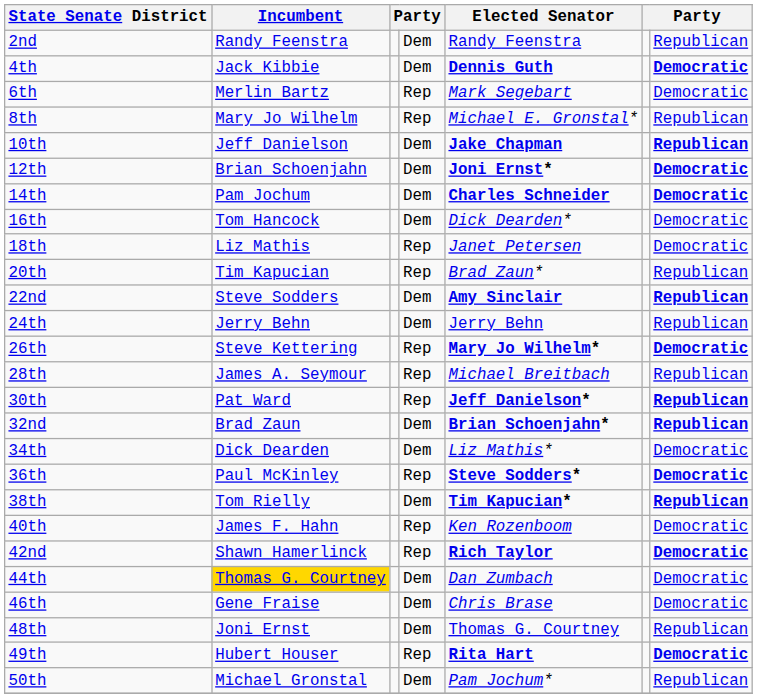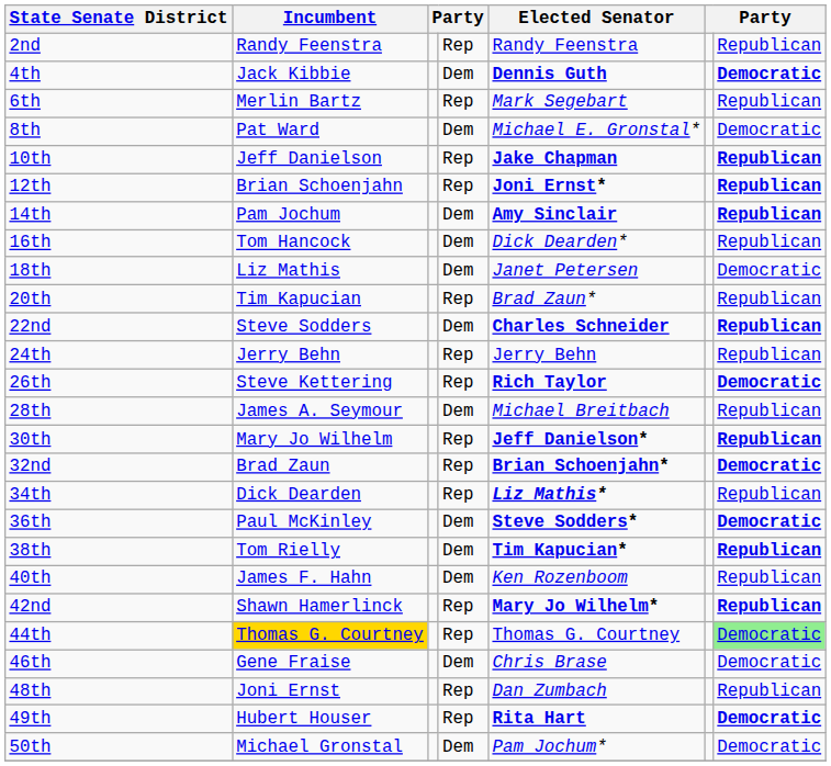 <table class="sortable wikitable" style="font-size:95%;line-height:14px;">
 <tr>
 <th class="unsortable"><a href='#'>State Senate</a> District</th>
 <th class="unsortable"><a href='#'>Incumbent</a></th>
 <th colspan="2">Party</th>
 <th class="unsortable">Elected Senator</th>
 <th colspan="2">Party</th>
 </tr>
 <tr>
 <td><a href='#'>2nd</a></td>
 <td><a href='#'>Randy Feenstra</a></td>
 <td style="background:"></td>
-<td>Dem</td>
+<td>Rep</td>
 <td><a href='#'>Randy Feenstra</a></td>
 <td style="background:"></td>
 <td><a href='#'>Republican</a></td>
 </tr>
 <tr>
 <td><a href='#'>4th</a></td>
 <td><a href='#'>Jack Kibbie</a></td>
 <td style="background:"></td>
 <td>Dem</td>
 <td><strong><a href='#'>Dennis Guth</a></strong></td>
 <td style="background:"></td>
 <td><strong><a href='#'>Democratic</a></strong></td>
 </tr>
 <tr>
 <td><a href='#'>6th</a></td>
 <td><a href='#'>Merlin Bartz</a></td>
 <td style="background:"></td>
 <td>Rep</td>
 <td><em><a href='#'>Mark Segebart</a></em></td>
 <td style="background:"></td>
-<td><a href='#'>Democratic</a></td>
+<td><a href='#'>Republican</a></td>
 </tr>
 <tr>
 <td><a href='#'>8th</a></td>
-<td><a href='#'>Mary Jo Wilhelm</a></td>
+<td><a href='#'>Pat Ward</a></td>
 <td style="background:"></td>
-<td>Rep</td>
+<td>Dem</td>
 <td><em><a href='#'>Michael E. Gronstal</a>*</em></td>
 <td style="background:"></td>
-<td><a href='#'>Republican</a></td>
+<td><a href='#'>Democratic</a></td>
 </tr>
 <tr>
 <td><a href='#'>10th</a></td>
 <td><a href='#'>Jeff Danielson</a></td>
 <td style="background:"></td>
-<td>Dem</td>
+<td>Rep</td>
 <td><strong><a href='#'>Jake Chapman</a></strong></td>
 <td style="background:"></td>
 <td><strong><a href='#'>Republican</a></strong></td>
 </tr>
 <tr>
 <td><a href='#'>12th</a></td>
 <td><a href='#'>Brian Schoenjahn</a></td>
 <td style="background:"></td>
-<td>Dem</td>
+<td>Rep</td>
 <td><strong><a href='#'>Joni Ernst</a>*</strong></td>
 <td style="background:"></td>
-<td><strong><a href='#'>Democratic</a></strong></td>
+<td><strong><a href='#'>Republican</a></strong></td>
 </tr>
 <tr>
 <td><a href='#'>14th</a></td>
 <td><a href='#'>Pam Jochum</a></td>
 <td style="background:"></td>
 <td>Dem</td>
-<td><strong><a href='#'>Charles Schneider</a></strong></td>
+<td><strong><a href='#'>Amy Sinclair</a></strong></td>
 <td style="background:"></td>
-<td><strong><a href='#'>Democratic</a></strong></td>
+<td><strong><a href='#'>Republican</a></strong></td>
 </tr>
 <tr>
 <td><a href='#'>16th</a></td>
 <td><a href='#'>Tom Hancock</a></td>
 <td style="background:"></td>
 <td>Dem</td>
 <td><em><a href='#'>Dick Dearden</a>*</em></td>
 <td style="background:"></td>
-<td><a href='#'>Democratic</a></td>
+<td><a href='#'>Republican</a></td>
 </tr>
 <tr>
 <td><a href='#'>18th</a></td>
 <td><a href='#'>Liz Mathis</a></td>
 <td style="background:"></td>
-<td>Rep</td>
+<td>Dem</td>
 <td><em><a href='#'>Janet Petersen</a></em></td>
 <td style="background:"></td>
 <td><a href='#'>Democratic</a></td>
 </tr>
 <tr>
 <td><a href='#'>20th</a></td>
 <td><a href='#'>Tim Kapucian</a></td>
 <td style="background:"></td>
 <td>Rep</td>
 <td><em><a href='#'>Brad Zaun</a>*</em></td>
 <td style="background:"></td>
 <td><a href='#'>Republican</a></td>
 </tr>
 <tr>
 <td><a href='#'>22nd</a></td>
 <td><a href='#'>Steve Sodders</a></td>
 <td style="background:"></td>
 <td>Dem</td>
-<td><strong><a href='#'>Amy Sinclair</a></strong></td>
+<td><strong><a href='#'>Charles Schneider</a></strong></td>
 <td style="background:"></td>
 <td><strong><a href='#'>Republican</a></strong></td>
 </tr>
 <tr>
 <td><a href='#'>24th</a></td>
 <td><a href='#'>Jerry Behn</a></td>
 <td style="background:"></td>
-<td>Dem</td>
+<td>Rep</td>
 <td><a href='#'>Jerry Behn</a></td>
 <td style="background:"></td>
 <td><a href='#'>Republican</a></td>
 </tr>
 <tr>
 <td><a href='#'>26th</a></td>
 <td><a href='#'>Steve Kettering</a></td>
 <td style="background:"></td>
 <td>Rep</td>
-<td><strong><a href='#'>Mary Jo Wilhelm</a>*</strong></td>
+<td><strong><a href='#'>Rich Taylor</a></strong></td>
 <td style="background:"></td>
 <td><strong><a href='#'>Democratic</a></strong></td>
 </tr>
 <tr>
 <td><a href='#'>28th</a></td>
 <td><a href='#'>James A. Seymour</a></td>
 <td style="background:"></td>
-<td>Rep</td>
+<td>Dem</td>
 <td><em><a href='#'>Michael Breitbach</a></em></td>
 <td style="background:"></td>
 <td><a href='#'>Republican</a></td>
 </tr>
 <tr>
 <td><a href='#'>30th</a></td>
-<td><a href='#'>Pat Ward</a></td>
+<td><a href='#'>Mary Jo Wilhelm</a></td>
 <td style="background:"></td>
 <td>Rep</td>
 <td><strong><a href='#'>Jeff Danielson</a>*</strong></td>
 <td style="background:"></td>
 <td><strong><a href='#'>Republican</a></strong></td>
 </tr>
 <tr>
 <td><a href='#'>32nd</a></td>
 <td><a href='#'>Brad Zaun</a></td>
 <td style="background:"></td>
-<td>Dem</td>
+<td>Rep</td>
 <td><strong><a href='#'>Brian Schoenjahn</a>*</strong></td>
 <td style="background:"></td>
-<td><strong><a href='#'>Republican</a></strong></td>
+<td><strong><a href='#'>Democratic</a></strong></td>
 </tr>
 <tr>
 <td><a href='#'>34th</a></td>
 <td><a href='#'>Dick Dearden</a></td>
 <td style="background:"></td>
-<td>Dem</td>
-<td><em><a href='#'>Liz Mathis</a>*</em></td>
+<td>Rep</td>
+<td><strong><em><a href='#'>Liz Mathis</a>*</em></strong></td>
 <td style="background:"></td>
-<td><a href='#'>Democratic</a></td>
+<td><a href='#'>Republican</a></td>
 </tr>
 <tr>
 <td><a href='#'>36th</a></td>
 <td><a href='#'>Paul McKinley</a></td>
 <td style="background:"></td>
-<td>Rep</td>
+<td>Dem</td>
 <td><strong><a href='#'>Steve Sodders</a>*</strong></td>
 <td style="background:"></td>
 <td><strong><a href='#'>Democratic</a></strong></td>
 </tr>
 <tr>
 <td><a href='#'>38th</a></td>
 <td><a href='#'>Tom Rielly</a></td>
 <td style="background:"></td>
 <td>Dem</td>
 <td><strong><a href='#'>Tim Kapucian</a>*</strong></td>
 <td style="background:"></td>
 <td><strong><a href='#'>Republican</a></strong></td>
 </tr>
 <tr>
 <td><a href='#'>40th</a></td>
 <td><a href='#'>James F. Hahn</a></td>
 <td style="background:"></td>
-<td>Rep</td>
+<td>Dem</td>
 <td><em><a href='#'>Ken Rozenboom</a></em></td>
 <td style="background:"></td>
-<td><a href='#'>Democratic</a></td>
+<td><a href='#'>Republican</a></td>
 </tr>
 <tr>
 <td><a href='#'>42nd</a></td>
 <td><a href='#'>Shawn Hamerlinck</a></td>
 <td style="background:"></td>
 <td>Rep</td>
-<td><strong><a href='#'>Rich Taylor</a></strong></td>
+<td><strong><a href='#'>Mary Jo Wilhelm</a>*</strong></td>
 <td style="background:"></td>
-<td><strong><a href='#'>Democratic</a></strong></td>
+<td><strong><a href='#'>Republican</a></strong></td>
 </tr>
 <tr>
 <td><a href='#'>44th</a></td>
 <td style="background: gold;"><a href='#'>Thomas G. Courtney</a></td>
 <td style="background:"></td>
-<td>Dem</td>
-<td><em><a href='#'>Dan Zumbach</a></em></td>
+<td>Rep</td>
+<td><a href='#'>Thomas G. Courtney</a></td>
 <td style="background:"></td>
-<td><a href='#'>Democratic</a></td>
+<td style="background: lightgreen;"><a href='#'>Democratic</a></td>
 </tr>
 <tr>
 <td><a href='#'>46th</a></td>
 <td><a href='#'>Gene Fraise</a></td>
 <td style="background:"></td>
 <td>Dem</td>
 <td><em><a href='#'>Chris Brase</a></em></td>
 <td style="background:"></td>
 <td><a href='#'>Democratic</a></td>
 </tr>
 <tr>
 <td><a href='#'>48th</a></td>
 <td><a href='#'>Joni Ernst</a></td>
 <td style="background:"></td>
-<td>Dem</td>
-<td><a href='#'>Thomas G. Courtney</a></td>
+<td>Rep</td>
+<td><em><a href='#'>Dan Zumbach</a></em></td>
 <td style="background:"></td>
 <td><a href='#'>Republican</a></td>
 </tr>
 <tr>
 <td><a href='#'>49th</a></td>
 <td><a href='#'>Hubert Houser</a></td>
 <td style="background:"></td>
 <td>Rep</td>
 <td><strong><a href='#'>Rita Hart</a></strong></td>
 <td style="background:"></td>
 <td><strong><a href='#'>Democratic</a></strong></td>
 </tr>
 <tr>
 <td><a href='#'>50th</a></td>
 <td><a href='#'>Michael Gronstal</a></td>
 <td style="background:"></td>
 <td>Dem</td>
 <td><em><a href='#'>Pam Jochum</a>*</em></td>
 <td style="background:"></td>
-<td><a href='#'>Republican</a></td>
+<td><a href='#'>Democratic</a></td>
 </tr>
 <tr>
 </tr>
 </table>
